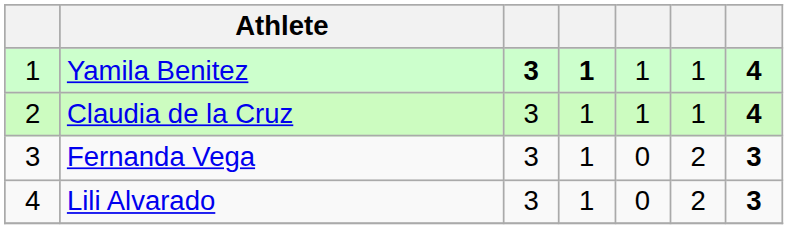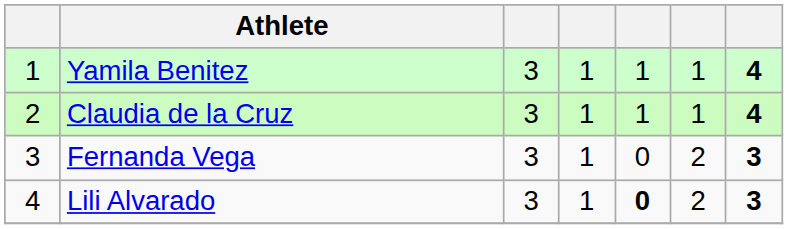 <table class="wikitable" style="text-align: center; font-size:100% ">
 <tr>
 <th width=25></th>
 <th width=250>Athlete</th>
 <th width=25></th>
 <th width=25></th>
 <th width=25></th>
 <th width=25></th>
 <th width=25></th>
 </tr>
 <tr bgcolor="ccffcc">
 <td>1</td>
 <td align=left> <a href='#'>Yamila Benitez</a></td>
-<td><strong>3</strong></td>
-<td><strong>1</strong></td>
+<td>3</td>
+<td>1</td>
 <td>1</td>
 <td>1</td>
 <td><strong>4</strong></td>
 </tr>
 <tr bgcolor="ccffccc">
 <td>2</td>
 <td align=left> <a href='#'>Claudia de la Cruz</a></td>
 <td>3</td>
 <td>1</td>
 <td>1</td>
 <td>1</td>
 <td><strong>4</strong></td>
 </tr>
 <tr>
 <td>3</td>
 <td align=left> <a href='#'>Fernanda Vega</a></td>
 <td>3</td>
 <td>1</td>
 <td>0</td>
 <td>2</td>
 <td><strong>3</strong></td>
 </tr>
 <tr>
 <td>4</td>
 <td align=left> <a href='#'>Lili Alvarado</a></td>
 <td>3</td>
 <td>1</td>
-<td>0</td>
+<td><strong>0</strong></td>
 <td>2</td>
 <td><strong>3</strong></td>
 </tr>
 <tr>
 </tr>
 </table>
